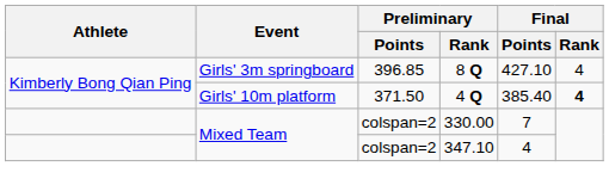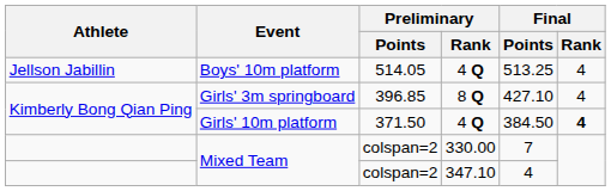 <table class="wikitable" style="font-size:90%;">
 <tr>
 <th rowspan=2>Athlete</th>
 <th rowspan=2>Event</th>
 <th colspan=2>Preliminary</th>
 <th colspan=2>Final</th>
 </tr>
 <tr>
 <th>Points</th>
 <th>Rank</th>
 <th>Points</th>
 <th>Rank</th>
 </tr>
 <tr align=center>
+<td align=left><a href='#'>Jellson Jabillin</a></td>
+<td align=left><a href='#'>Boys' 10m platform</a></td>
+<td>514.05</td>
+<td>4 <strong>Q</strong></td>
+<td>513.25</td>
+<td>4</td>
+</tr>
+<tr align=center>
 <td align=left rowspan=2><a href='#'>Kimberly Bong Qian Ping</a></td>
 <td align=left><a href='#'>Girls' 3m springboard</a></td>
 <td>396.85</td>
 <td>8 <strong>Q</strong></td>
 <td>427.10</td>
 <td>4</td>
 </tr>
 <tr align=center>
 <td align=left><a href='#'>Girls' 10m platform</a></td>
 <td>371.50</td>
 <td>4 <strong>Q</strong></td>
-<td>385.40</td>
+<td>384.50</td>
 <td><strong>4</strong></td>
 </tr>
 <tr align=center>
 <td align=left><br></td>
 <td align=left rowspan=2><a href='#'>Mixed Team</a></td>
 <td>colspan=2 </td>
 <td>330.00</td>
 <td>7</td>
 </tr>
 <tr align=center>
 <td align=left><br></td>
 <td>colspan=2 </td>
 <td>347.10</td>
 <td>4</td>
 </tr>
 </table>
